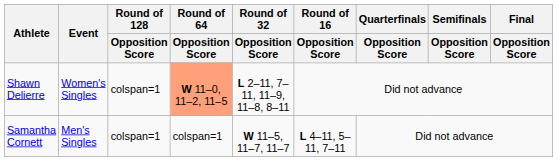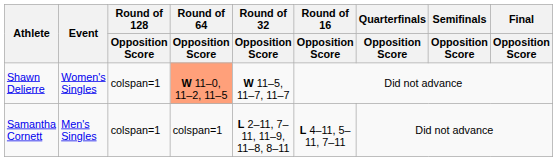 <table class=wikitable style="font-size:90%">
 <tr>
 <th rowspan="2">Athlete</th>
 <th rowspan="2">Event</th>
 <th>Round of 128</th>
 <th>Round of 64</th>
 <th>Round of 32</th>
 <th>Round of 16</th>
 <th>Quarterfinals</th>
 <th>Semifinals</th>
 <th>Final</th>
 </tr>
 <tr>
 <th>Opposition<br>Score</th>
 <th>Opposition<br>Score</th>
 <th>Opposition<br>Score</th>
 <th>Opposition<br>Score</th>
 <th>Opposition<br>Score</th>
 <th>Opposition<br>Score</th>
 <th>Opposition<br>Score</th>
 </tr>
 <tr>
 <td><a href='#'>Shawn Delierre</a></td>
 <td><a href='#'>Women's Singles</a></td>
 <td>colspan=1 </td>
 <td align=center style="background: lightsalmon;"><br><strong>W</strong> 11–0, 11–2, 11–5</td>
-<td align=center><br><strong>L</strong> 2–11, 7–11, 11–9, 11–8, 8–11</td>
+<td align=center><br><strong>W</strong> 11–5, 11–7, 11–7</td>
 <td colspan="4" align=center>Did not advance</td>
 </tr>
 <tr>
 <td><a href='#'>Samantha Cornett</a></td>
 <td><a href='#'>Men's Singles</a></td>
 <td>colspan=1 </td>
 <td>colspan=1 </td>
-<td align=center><br><strong>W</strong> 11–5, 11–7, 11–7</td>
+<td align=center><br><strong>L</strong> 2–11, 7–11, 11–9, 11–8, 8–11</td>
 <td align=center><br><strong>L</strong> 4–11, 5–11, 7–11</td>
 <td colspan="3" align=center>Did not advance</td>
 </tr>
 </table>
